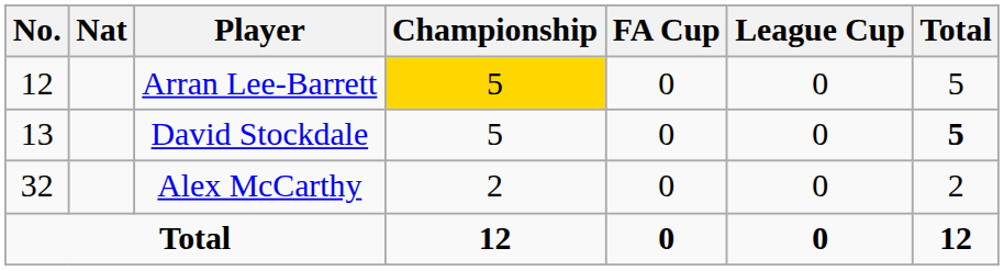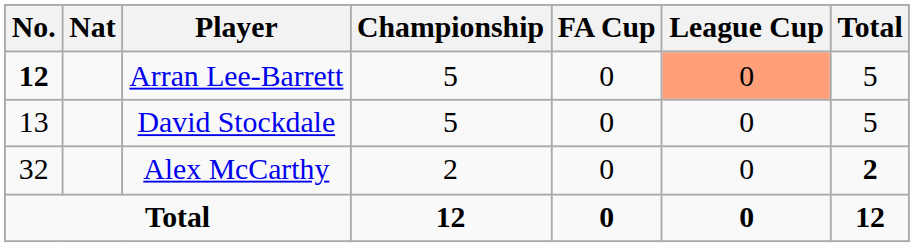 <table class="wikitable" style="text-align:center">
 <tr>
 <th width=0%>No.</th>
 <th width=0%>Nat</th>
 <th width=0%>Player</th>
 <th width=0%>Championship</th>
 <th width=0%>FA Cup</th>
 <th width=0%>League Cup</th>
 <th width=0%>Total</th>
 </tr>
 <tr>
-<td>12</td>
+<td><strong>12</strong></td>
 <td></td>
 <td><a href='#'>Arran Lee-Barrett</a></td>
-<td style="background: gold;">5</td>
+<td>5</td>
 <td>0</td>
-<td>0</td>
+<td style="background: lightsalmon;">0</td>
 <td>5</td>
 </tr>
 <tr>
 <td>13</td>
 <td></td>
 <td><a href='#'>David Stockdale</a></td>
 <td>5</td>
 <td>0</td>
 <td>0</td>
-<td><strong>5</strong></td>
+<td>5</td>
 </tr>
 <tr>
 <td>32</td>
 <td></td>
 <td><a href='#'>Alex McCarthy</a></td>
 <td>2</td>
 <td>0</td>
 <td>0</td>
-<td>2</td>
+<td><strong>2</strong></td>
 </tr>
 <tr>
 <td colspan=3><strong>Total</strong></td>
 <td><strong>12</strong></td>
 <td><strong>0</strong></td>
 <td><strong>0</strong></td>
 <td><strong>12</strong></td>
 </tr>
 </table>
